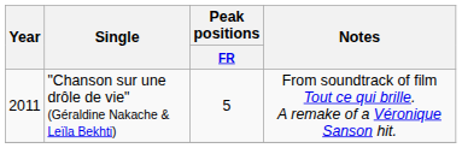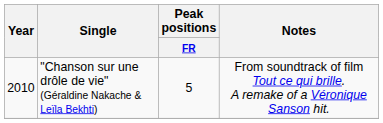 <table class="wikitable">
 <tr>
 <th align="center" rowspan="2" width="10">Year</th>
 <th align="center" rowspan="2" width="150">Single</th>
 <th align="center" colspan="1">Peak positions</th>
 <th align="center" rowspan="2" width="200">Notes</th>
 </tr>
 <tr>
 <th width="20"><small><a href='#'>FR</a></small><br></th>
 </tr>
 <tr>
-<td align="center" rowspan="1">2011</td>
+<td align="center" rowspan="1">2010</td>
 <td>"Chanson sur une drôle de vie" <br><small>(Géraldine Nakache & <a href='#'>Leïla Bekhti</a>)</small></td>
 <td align="center">5</td>
 <td align="center" rowspan="1">From soundtrack of film <em><a href='#'>Tout ce qui brille</a>.<br> A remake of a <a href='#'>Véronique Sanson</a> hit.</td>
 </tr>
 <tr>
 </tr>
 </table>
